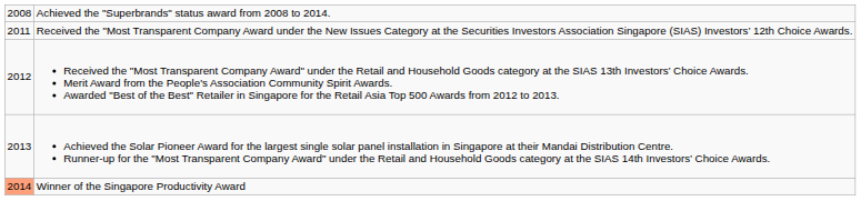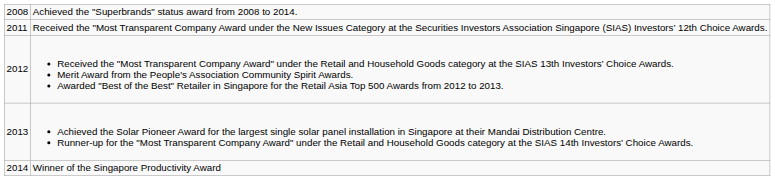 <table class="wikitable">
 <tr>
 <td>2008</td>
 <td>Achieved the "Superbrands" status award from 2008 to 2014.</td>
 </tr>
 <tr>
 <td>2011</td>
 <td>Received the "Most Transparent Company Award under the New Issues Category at the Securities Investors Association Singapore (SIAS) Investors’ 12th Choice Awards.</td>
 </tr>
 <tr>
 <td>2012</td>
 <td><br><ul><li>Received the "Most Transparent Company Award" under the Retail and Household Goods category at the SIAS 13th Investors’ Choice Awards.</li><li>Merit Award from the People's Association Community Spirit Awards.</li><li>Awarded "Best of the Best" Retailer in Singapore for the Retail Asia Top 500 Awards from 2012 to 2013.</li></ul></td>
 </tr>
 <tr>
 <td>2013</td>
 <td><br><ul><li>Achieved the Solar Pioneer Award for the largest single solar panel installation in Singapore at their Mandai Distribution Centre.</li><li>Runner-up for the "Most Transparent Company Award" under the Retail and Household Goods category at the SIAS 14th Investors’ Choice Awards.</li></ul></td>
 </tr>
 <tr>
-<td style="background: lightsalmon;">2014</td>
+<td>2014</td>
 <td>Winner of the Singapore Productivity Award </td>
 </tr>
 </table>
